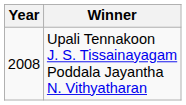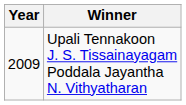 <table class="wikitable sortable mw-collapsible mw-collapsed">
 <tr>
 <th>Year</th>
 <th>Winner</th>
 </tr>
 <tr>
-<td>2008</td>
+<td>2009</td>
 <td>Upali Tennakoon<br><a href='#'>J. S. Tissainayagam</a><br>Poddala Jayantha<br><a href='#'>N. Vithyatharan</a></td>
 </tr>
 </table>
